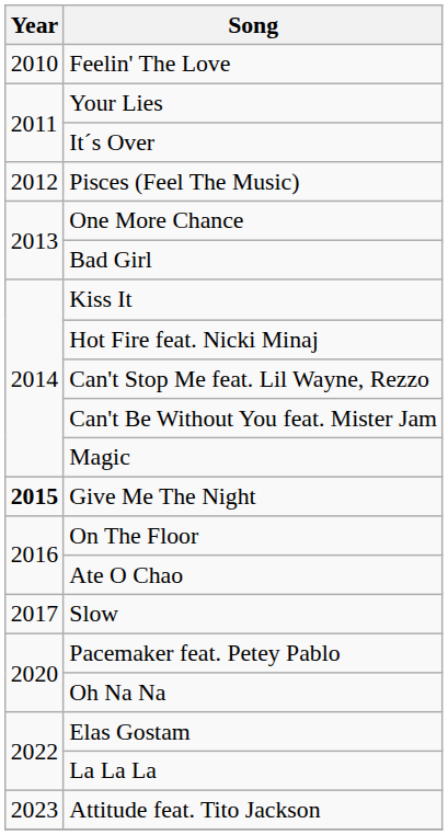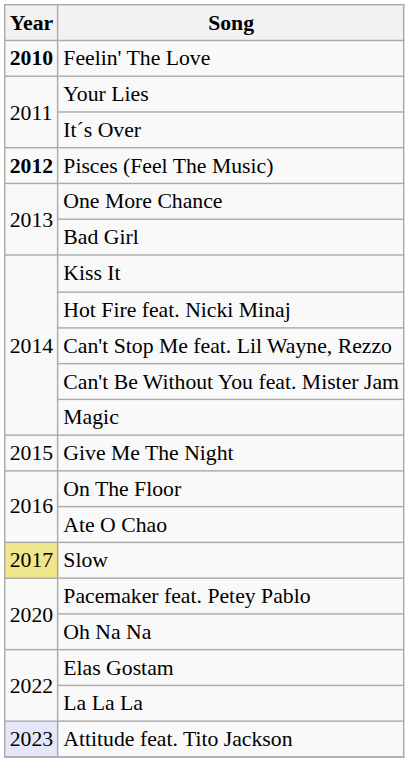 <table class="wikitable" style="font-size: 95%;">
 <tr>
 <th>Year</th>
 <th>Song</th>
 </tr>
 <tr>
-<td rowspan="1">2010</td>
+<td rowspan="1"><strong>2010</strong></td>
 <td>Feelin' The Love</td>
 </tr>
 <tr>
 <td rowspan="2">2011</td>
 <td>Your Lies</td>
 </tr>
 <tr>
 <td>It´s Over</td>
 </tr>
 <tr>
-<td rowspan="1">2012</td>
+<td rowspan="1"><strong>2012</strong></td>
 <td>Pisces (Feel The Music)</td>
 </tr>
 <tr>
 <td rowspan="2">2013</td>
 <td>One More Chance</td>
 </tr>
 <tr>
 <td>Bad Girl</td>
 </tr>
 <tr>
 <td rowspan="5">2014</td>
 <td>Kiss It</td>
 </tr>
 <tr>
 <td>Hot Fire feat. Nicki Minaj</td>
 </tr>
 <tr>
 <td>Can't Stop Me feat. Lil Wayne, Rezzo</td>
 </tr>
 <tr>
 <td>Can't Be Without You feat. Mister Jam</td>
 </tr>
 <tr>
 <td>Magic</td>
 </tr>
 <tr>
-<td rowspan="1"><strong>2015</strong></td>
+<td rowspan="1">2015</td>
 <td>Give Me The Night</td>
 </tr>
 <tr>
 <td rowspan="2">2016</td>
 <td>On The Floor</td>
 </tr>
 <tr>
 <td>Ate O Chao</td>
 </tr>
 <tr>
-<td rowspan="1">2017</td>
+<td rowspan="1" style="background: khaki;">2017</td>
 <td>Slow</td>
 </tr>
 <tr>
 <td rowspan="2">2020</td>
 <td>Pacemaker feat. Petey Pablo</td>
 </tr>
 <tr>
 <td>Oh Na Na</td>
 </tr>
 <tr>
 <td rowspan="2">2022</td>
 <td>Elas Gostam</td>
 </tr>
 <tr>
 <td>La La La</td>
 </tr>
 <tr>
-<td rowspan="1">2023</td>
+<td rowspan="1" style="background: lavender;">2023</td>
 <td>Attitude feat. Tito Jackson</td>
 </tr>
 <tr>
 </tr>
 </table>
